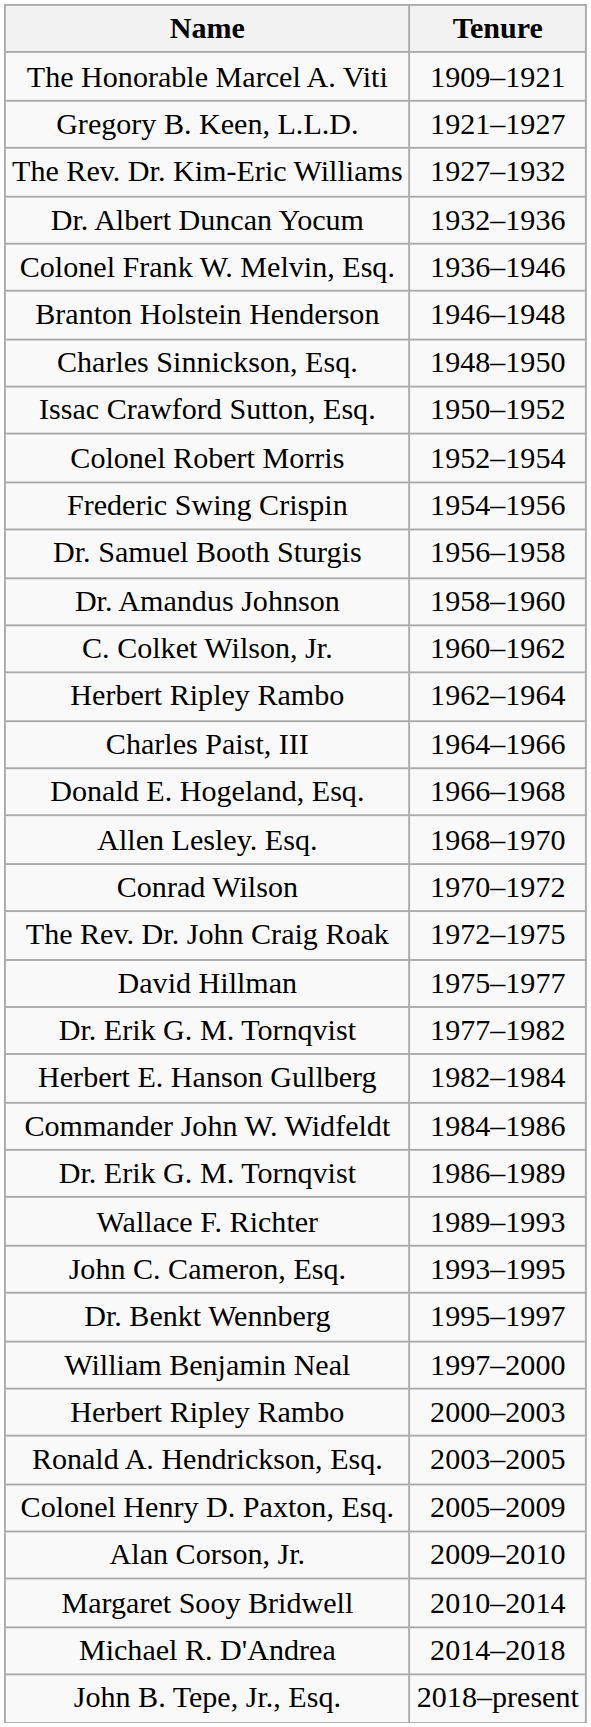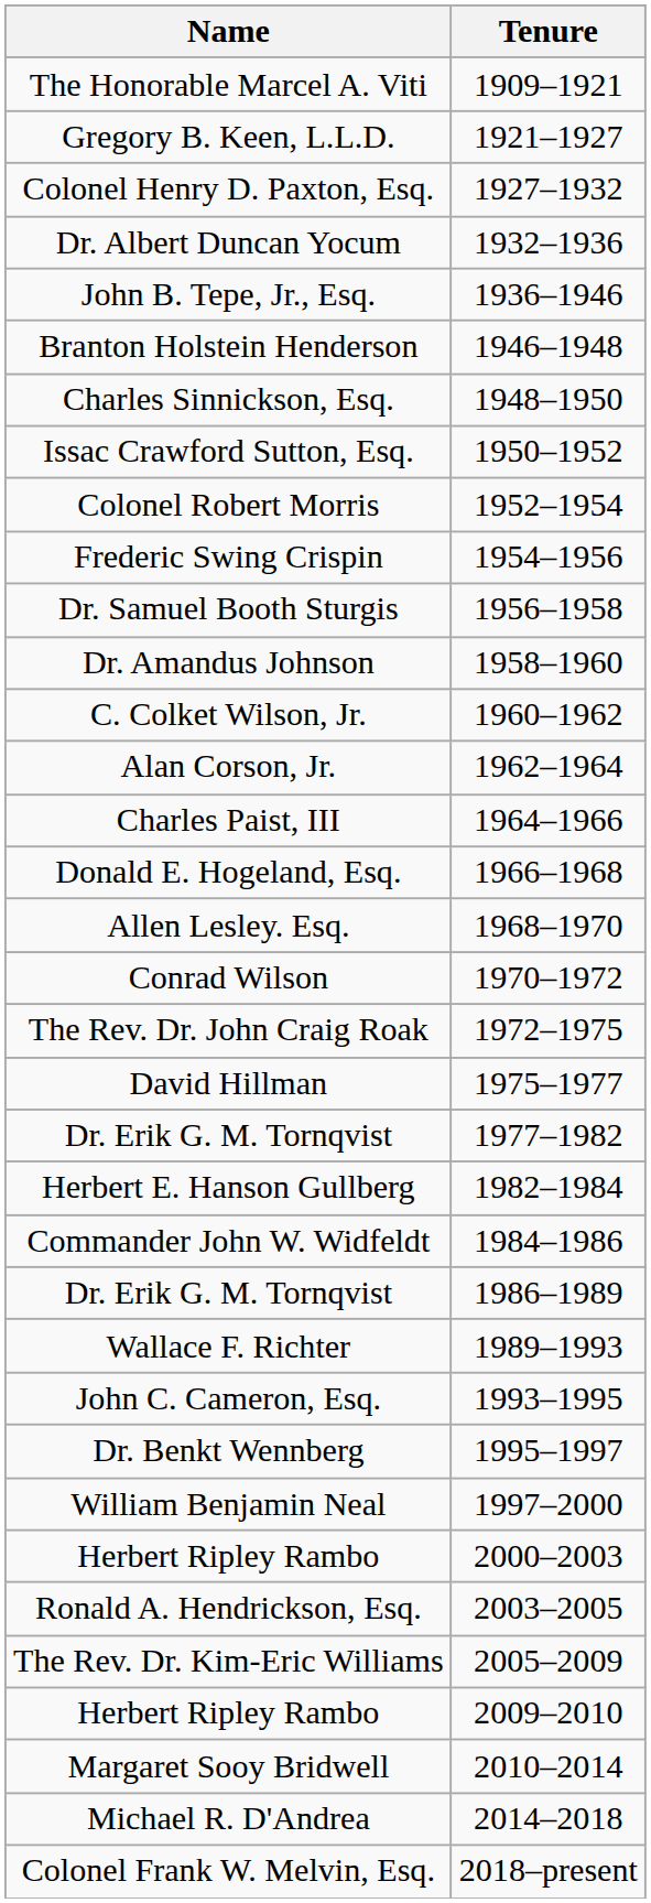 <table class="wikitable" width="310" style="text-align: center;">
 <tr>
 <th>Name</th>
 <th>Tenure</th>
 </tr>
 <tr>
 <td>The Honorable Marcel A. Viti</td>
 <td>1909–1921</td>
 </tr>
 <tr>
 <td>Gregory B. Keen, L.L.D.</td>
 <td>1921–1927</td>
 </tr>
 <tr>
-<td>The Rev. Dr. Kim-Eric Williams</td>
+<td>Colonel Henry D. Paxton, Esq.</td>
 <td>1927–1932</td>
 </tr>
 <tr>
 <td>Dr. Albert Duncan Yocum</td>
 <td>1932–1936</td>
 </tr>
 <tr>
-<td>Colonel Frank W. Melvin, Esq.</td>
+<td>John B. Tepe, Jr., Esq.</td>
 <td>1936–1946</td>
 </tr>
 <tr>
 <td>Branton Holstein Henderson</td>
 <td>1946–1948</td>
 </tr>
 <tr>
 <td>Charles Sinnickson, Esq.</td>
 <td>1948–1950</td>
 </tr>
 <tr>
 <td>Issac Crawford Sutton, Esq.</td>
 <td>1950–1952</td>
 </tr>
 <tr>
 <td>Colonel Robert Morris</td>
 <td>1952–1954</td>
 </tr>
 <tr>
 <td>Frederic Swing Crispin</td>
 <td>1954–1956</td>
 </tr>
 <tr>
 <td>Dr. Samuel Booth Sturgis</td>
 <td>1956–1958</td>
 </tr>
 <tr>
 <td>Dr. Amandus Johnson</td>
 <td>1958–1960</td>
 </tr>
 <tr>
 <td>C. Colket Wilson, Jr.</td>
 <td>1960–1962</td>
 </tr>
 <tr>
-<td>Herbert Ripley Rambo</td>
+<td>Alan Corson, Jr.</td>
 <td>1962–1964</td>
 </tr>
 <tr>
 <td>Charles Paist, III</td>
 <td>1964–1966</td>
 </tr>
 <tr>
 <td>Donald E. Hogeland, Esq.</td>
 <td>1966–1968</td>
 </tr>
 <tr>
 <td>Allen Lesley. Esq.</td>
 <td>1968–1970</td>
 </tr>
 <tr>
 <td>Conrad Wilson</td>
 <td>1970–1972</td>
 </tr>
 <tr>
 <td>The Rev. Dr. John Craig Roak</td>
 <td>1972–1975</td>
 </tr>
 <tr>
 <td>David Hillman</td>
 <td>1975–1977</td>
 </tr>
 <tr>
 <td>Dr. Erik G. M. Tornqvist</td>
 <td>1977–1982</td>
 </tr>
 <tr>
 <td>Herbert E. Hanson Gullberg</td>
 <td>1982–1984</td>
 </tr>
 <tr>
 <td>Commander John W. Widfeldt</td>
 <td>1984–1986</td>
 </tr>
 <tr>
 <td>Dr. Erik G. M. Tornqvist</td>
 <td>1986–1989</td>
 </tr>
 <tr>
 <td>Wallace F. Richter</td>
 <td>1989–1993</td>
 </tr>
 <tr>
 <td>John C. Cameron, Esq.</td>
 <td>1993–1995</td>
 </tr>
 <tr>
 <td>Dr. Benkt Wennberg</td>
 <td>1995–1997</td>
 </tr>
 <tr>
 <td>William Benjamin Neal</td>
 <td>1997–2000</td>
 </tr>
 <tr>
 <td>Herbert Ripley Rambo</td>
 <td>2000–2003</td>
 </tr>
 <tr>
 <td>Ronald A. Hendrickson, Esq.</td>
 <td>2003–2005</td>
 </tr>
 <tr>
-<td>Colonel Henry D. Paxton, Esq.</td>
+<td>The Rev. Dr. Kim-Eric Williams</td>
 <td>2005–2009</td>
 </tr>
 <tr>
-<td>Alan Corson, Jr.</td>
+<td>Herbert Ripley Rambo</td>
 <td>2009–2010</td>
 </tr>
 <tr>
 <td>Margaret Sooy Bridwell</td>
 <td>2010–2014</td>
 </tr>
 <tr>
 <td>Michael R. D'Andrea</td>
 <td>2014–2018</td>
 </tr>
 <tr>
-<td>John B. Tepe, Jr., Esq.</td>
+<td>Colonel Frank W. Melvin, Esq.</td>
 <td>2018–present</td>
 </tr>
 <tr>
 </tr>
 </table>
